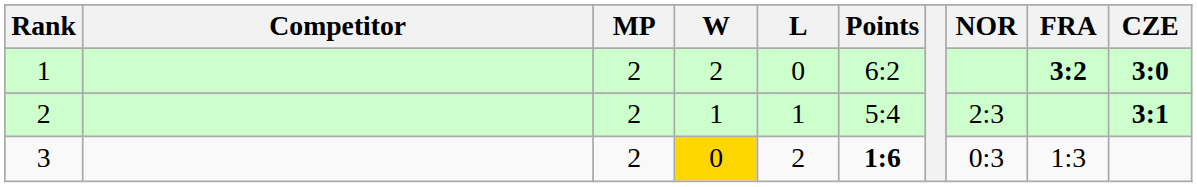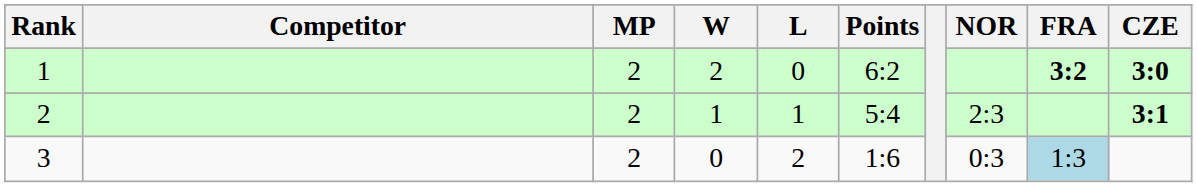 <table class="wikitable" style="text-align:center">
 <tr>
 <th>Rank</th>
 <th style="width:18em">Competitor</th>
 <th style="width:2.5em">MP</th>
 <th style="width:2.5em">W</th>
 <th style="width:2.5em">L</th>
 <th>Points</th>
 <th rowspan="4"> </th>
 <th style="width:2.5em">NOR</th>
 <th style="width:2.5em">FRA</th>
 <th style="width:2.5em">CZE</th>
 </tr>
 <tr style="background:#cfc;">
 <td>1</td>
 <td style="text-align:left"></td>
 <td>2</td>
 <td>2</td>
 <td>0</td>
 <td>6:2</td>
 <td></td>
 <td><strong>3:2</strong></td>
 <td><strong>3:0</strong></td>
 </tr>
 <tr style="background:#cfc;">
 <td>2</td>
 <td style="text-align:left"></td>
 <td>2</td>
 <td>1</td>
 <td>1</td>
 <td>5:4</td>
 <td>2:3</td>
 <td></td>
 <td><strong>3:1</strong></td>
 </tr>
 <tr>
 <td>3</td>
 <td style="text-align:left"></td>
 <td>2</td>
-<td style="background: gold;">0</td>
+<td>0</td>
 <td>2</td>
-<td><strong>1:6</strong></td>
+<td>1:6</td>
 <td>0:3</td>
-<td>1:3</td>
+<td style="background: lightblue;">1:3</td>
 <td></td>
 </tr>
 </table>
